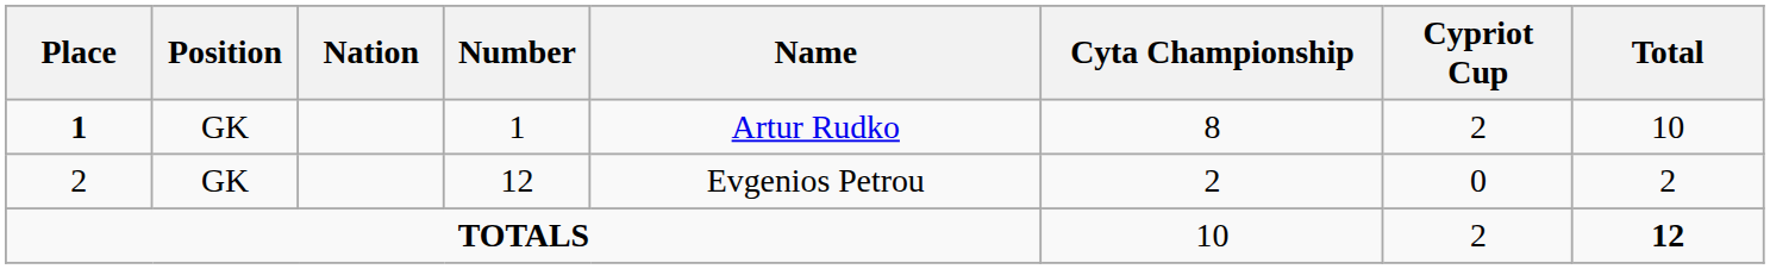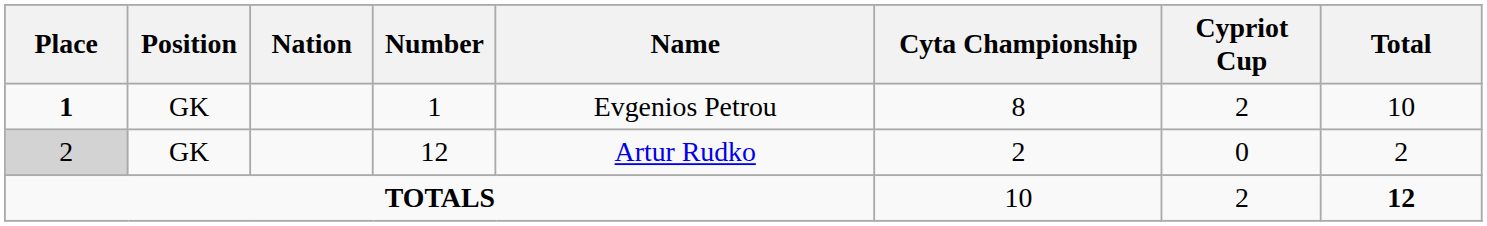 <table class="wikitable" style="font-size: 95%; text-align: center;">
 <tr>
 <th width=60>Place</th>
 <th width=60>Position</th>
 <th width=60>Nation</th>
 <th width=60>Number</th>
 <th width=200>Name</th>
 <th width=150>Cyta Championship</th>
 <th width=80>Cypriot Cup</th>
 <th width=80><strong>Total</strong></th>
 </tr>
 <tr>
 <td><strong>1</strong></td>
 <td>GK</td>
 <td></td>
 <td>1</td>
-<td><a href='#'>Artur Rudko</a></td>
+<td>Evgenios Petrou</td>
 <td>8</td>
 <td>2</td>
 <td>10</td>
 </tr>
 <tr>
-<td>2</td>
+<td style="background: lightgrey;">2</td>
 <td>GK</td>
 <td></td>
 <td>12</td>
-<td>Evgenios Petrou</td>
+<td><a href='#'>Artur Rudko</a></td>
 <td>2</td>
 <td>0</td>
 <td>2</td>
 </tr>
 <tr>
 <td colspan="5"><strong>TOTALS</strong></td>
 <td>10</td>
 <td>2</td>
 <td><strong>12</strong></td>
 </tr>
 </table>
